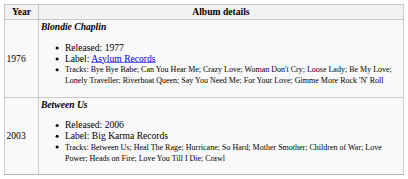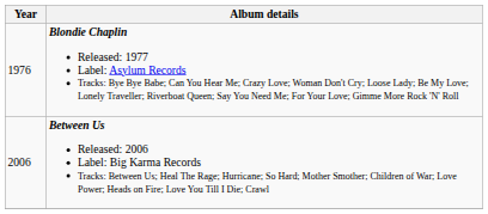 <table class="wikitable">
 <tr>
 <th rowspan="1" width="50">Year</th>
 <th rowspan="1" width="600">Album details</th>
 </tr>
 <tr>
 <td>1976</td>
 <td align="left"><strong><em>Blondie Chaplin</em></strong><br><ul><li>Released: 1977</li><li>Label: <a href='#'>Asylum Records</a></li><li><small>Tracks: Bye Bye Babe; Can You Hear Me; Crazy Love; Woman Don't Cry; Loose Lady; Be My Love; Lonely Traveller; Riverboat Queen; Say You Need Me; For Your Love; Gimme More Rock 'N' Roll</small></li></ul></td>
 </tr>
 <tr>
-<td>2003</td>
+<td>2006</td>
 <td align="left"><strong><em>Between Us</em></strong><br><ul><li>Released: 2006</li><li>Label: Big Karma Records</li><li><small>Tracks: Between Us; Heal The Rage; Hurricane; So Hard; Mother Smother; Children of War; Love Power; Heads on Fire; Love You Till I Die; Crawl</small></li></ul></td>
 </tr>
 <tr>
 </tr>
 </table>
